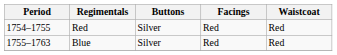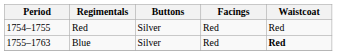 <table class="wikitable">
 <tr>
 <th align="center" width="100">Period</th>
 <th align="center" width="100">Regimentals</th>
 <th align="center" width="100">Buttons</th>
 <th align="center" width="100">Facings</th>
 <th align="center" width="100">Waistcoat</th>
 </tr>
 <tr>
 <td>1754–1755</td>
 <td>Red</td>
 <td>Silver</td>
 <td>Red</td>
 <td>Red</td>
 </tr>
 <tr>
 <td>1755–1763</td>
 <td>Blue</td>
 <td>Silver</td>
 <td>Red</td>
-<td>Red</td>
+<td><strong>Red</strong></td>
 </tr>
 <tr>
 </tr>
 </table>
